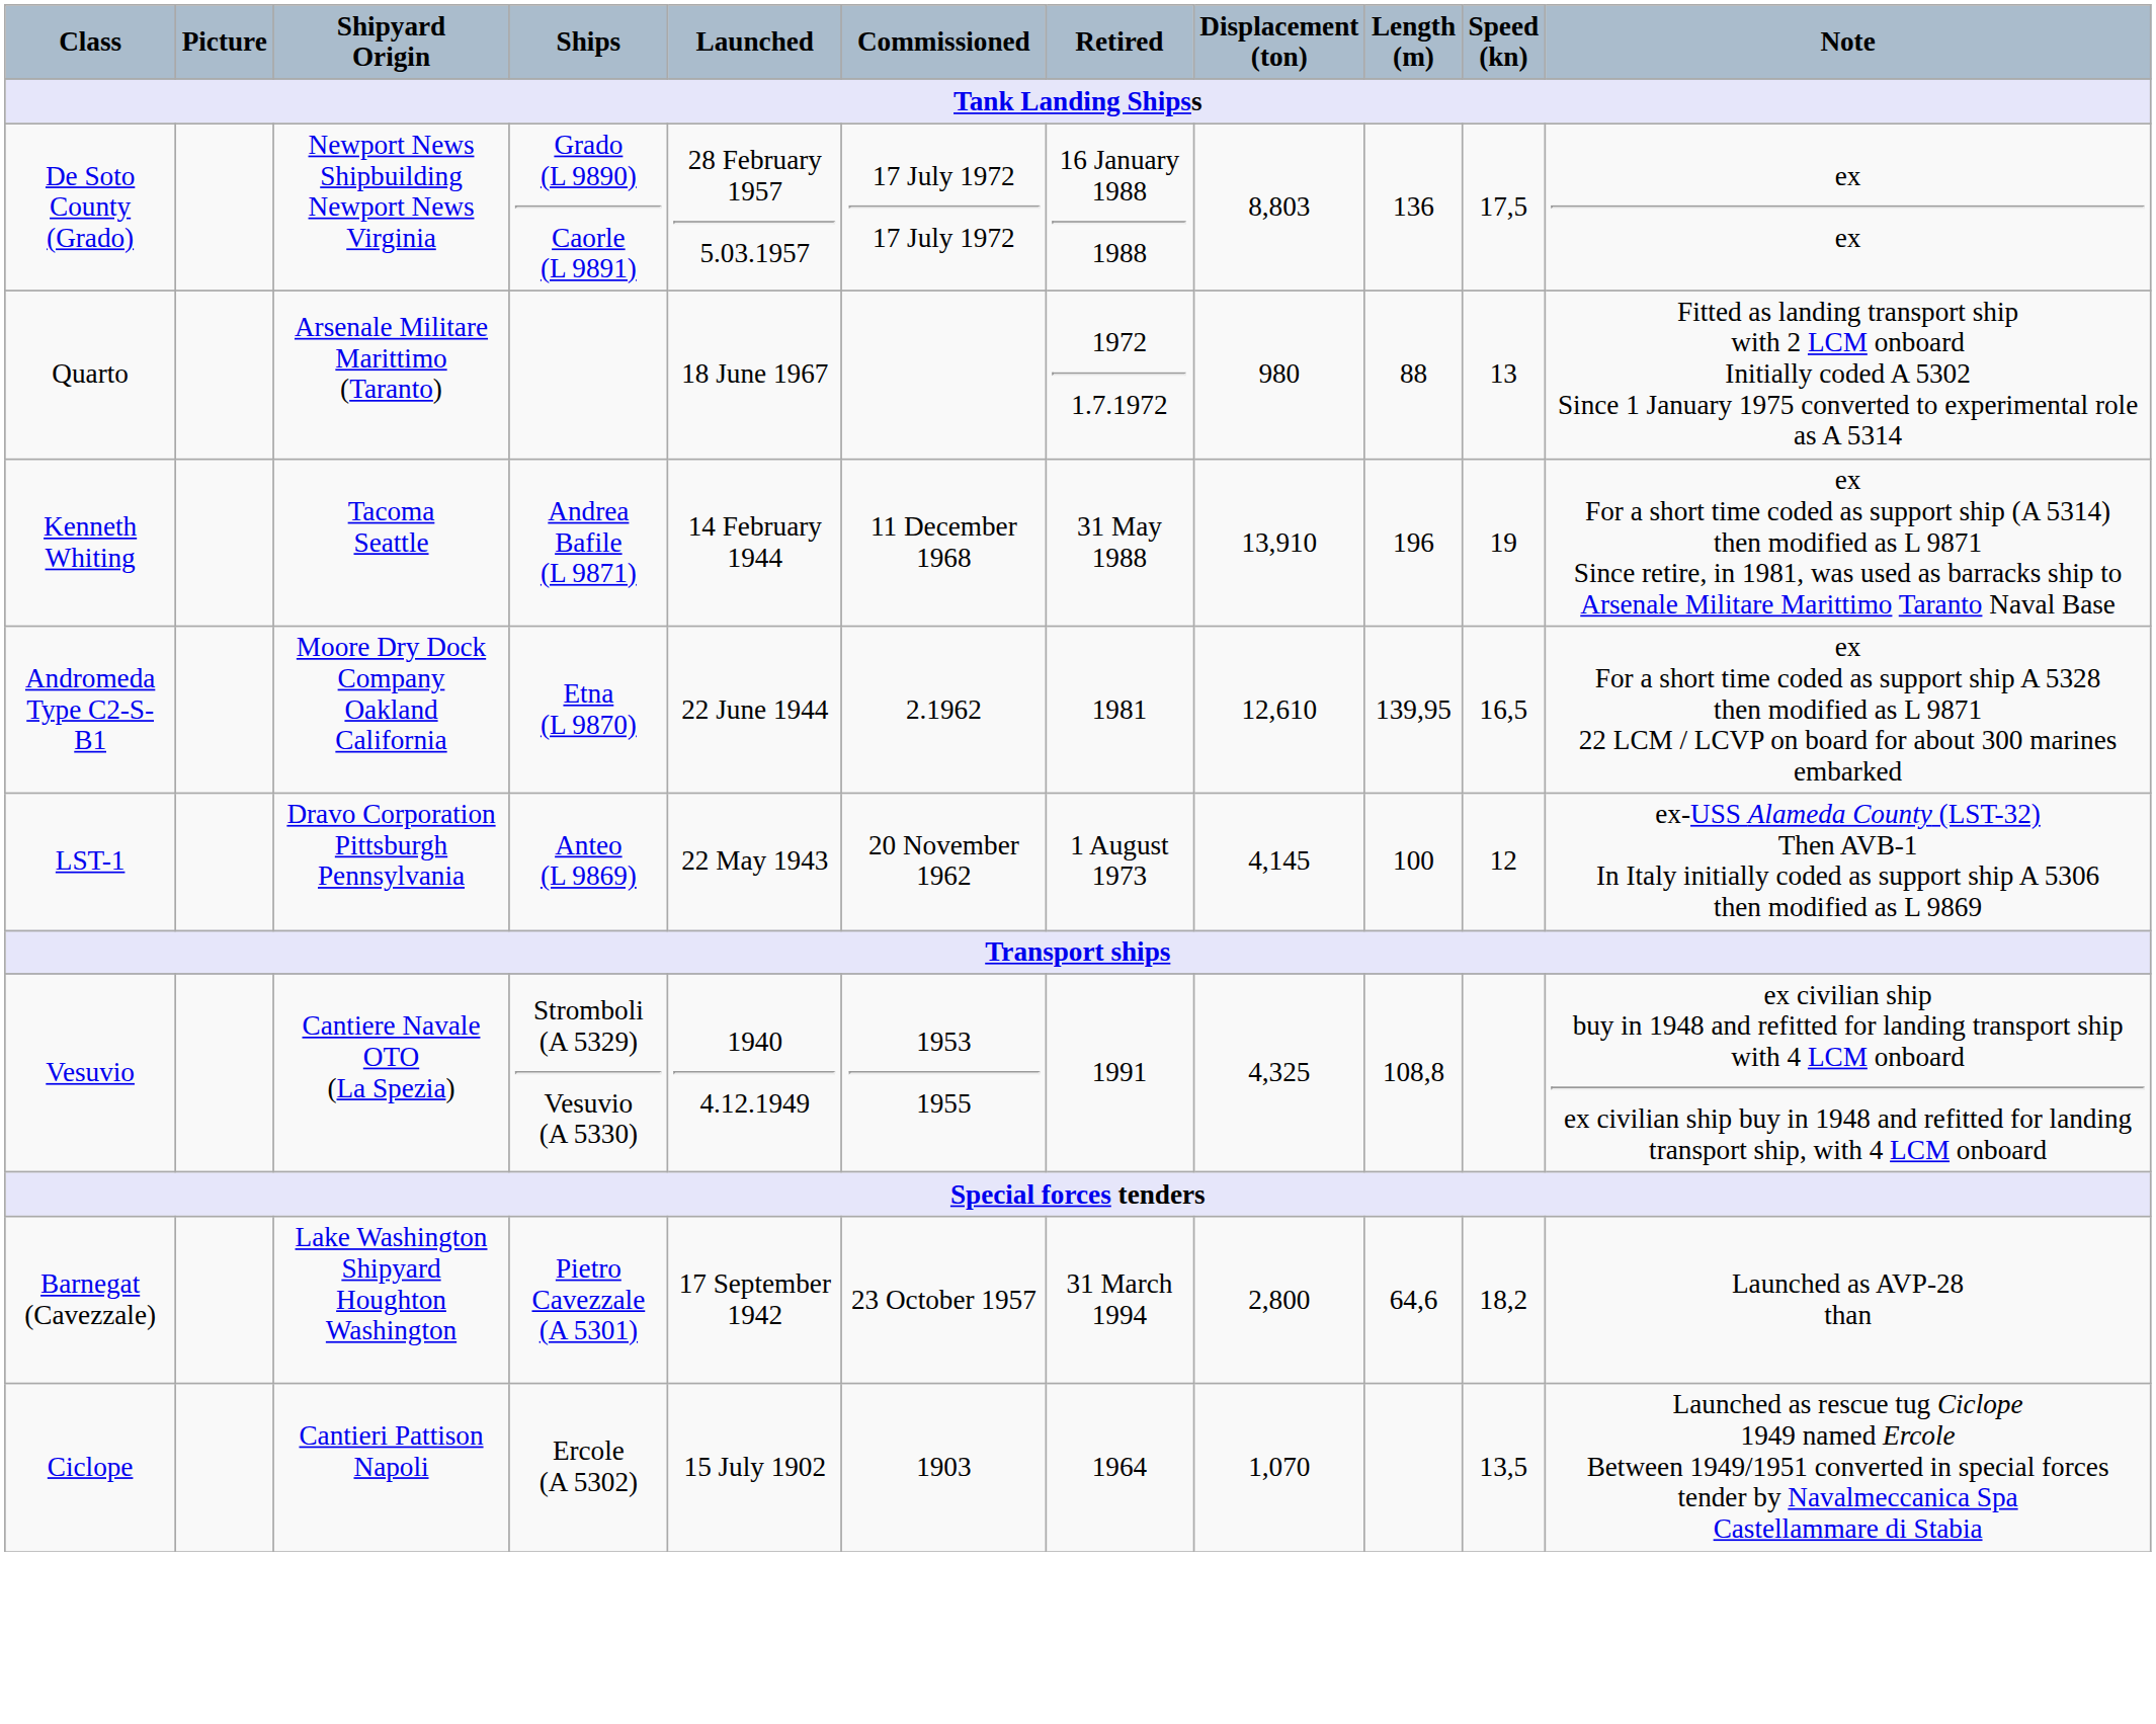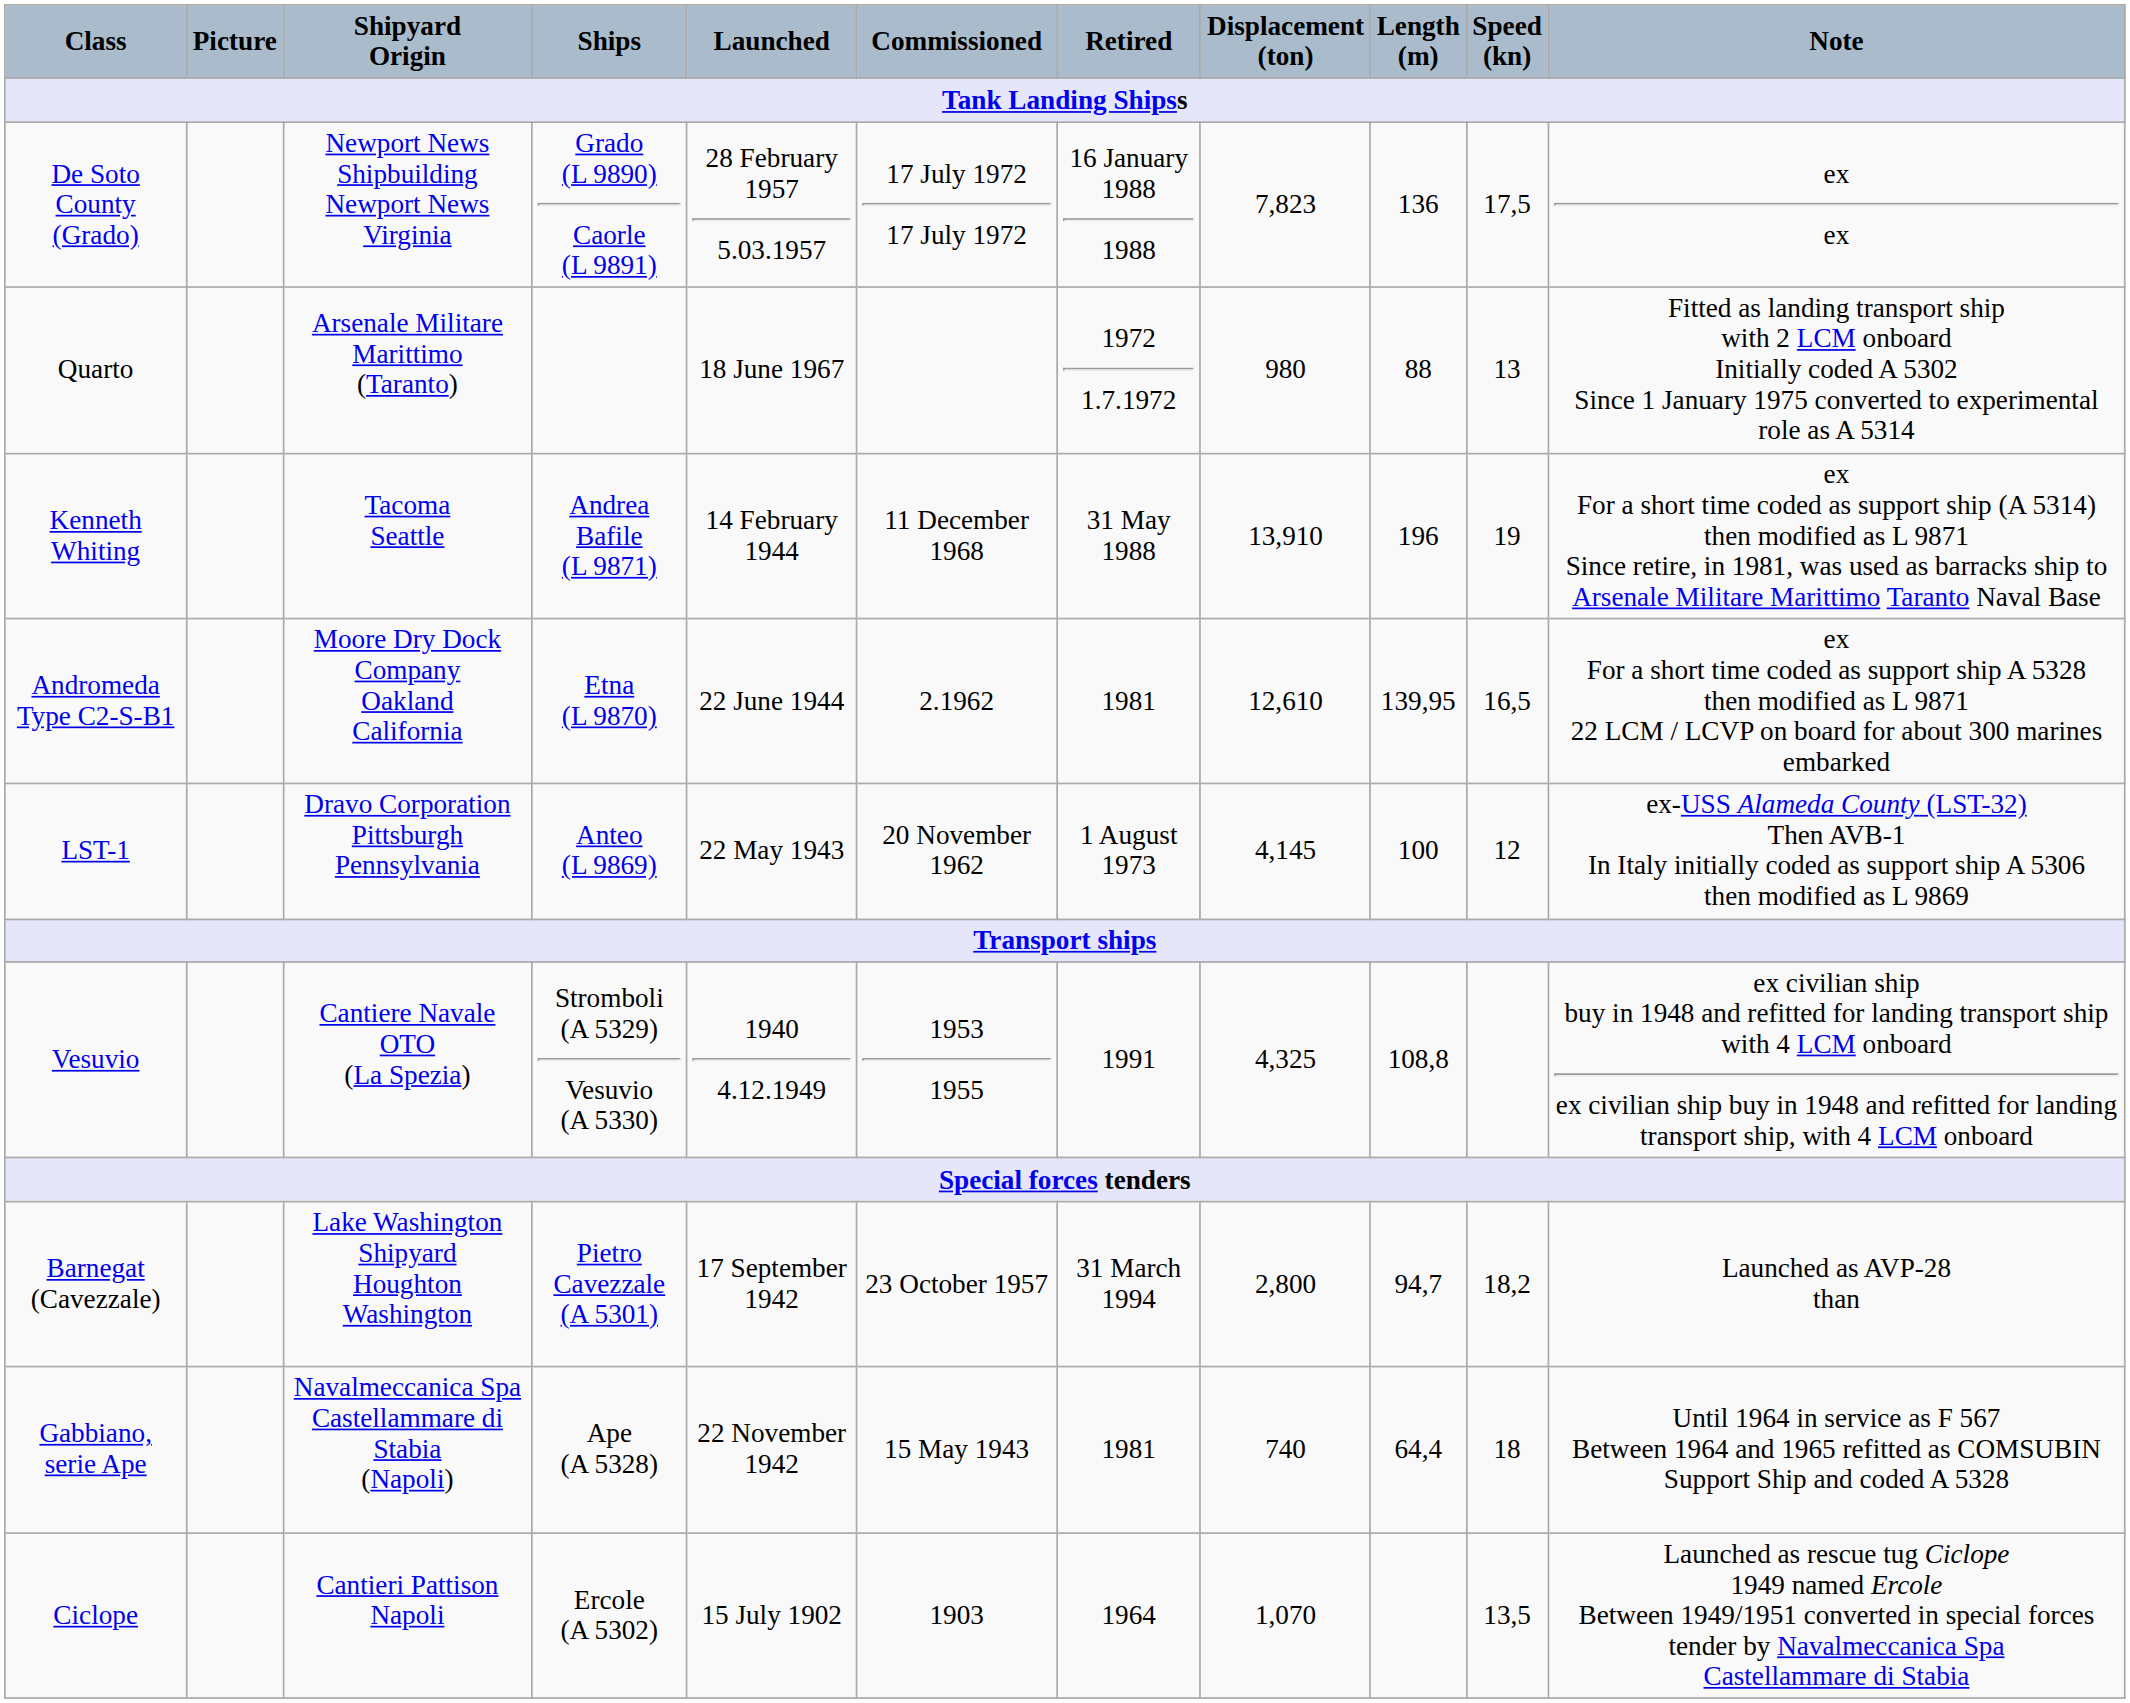 <table class="wikitable" style="text-align:center;">
 <tr>
 <th style="text-align: central; background: #aabccc;">Class</th>
 <th style="text-align: central; background: #aabccc;">Picture</th>
 <th style="text-align: central; background: #aabccc;">Shipyard<br>Origin</th>
 <th style="text-align: central; background: #aabccc;">Ships</th>
 <th style="text-align: central; background: #aabccc;">Launched</th>
 <th style="text-align: central; background: #aabccc;">Commissioned</th>
 <th style="text-align: central; background: #aabccc;">Retired</th>
 <th style="text-align: central; background: #aabccc;">Displacement<br>(ton)</th>
 <th style="text-align: central; background: #aabccc;">Length<br>(m)</th>
 <th style="text-align: central; background: #aabccc;">Speed<br>(kn)</th>
 <th style="text-align: central; background: #aabccc;">Note</th>
 </tr>
 <tr>
 <th style="align: center; background: lavender;" colspan="11"><strong><a href='#'>Tank Landing Ships</a>s</strong></th>
 </tr>
 <tr>
 <td><a href='#'>De Soto County<br>(Grado)</a></td>
 <td></td>
 <td><a href='#'>Newport News Shipbuilding</a><br><a href='#'>Newport News</a><br><a href='#'>Virginia</a><br><br></td>
 <td><a href='#'>Grado<br>(L 9890)</a><br><hr><a href='#'>Caorle<br>(L 9891)</a><br></td>
 <td>28 February 1957<hr>5.03.1957</td>
 <td>17 July 1972<hr>17 July 1972</td>
 <td>16 January 1988<hr>1988</td>
-<td>8,803</td>
+<td>7,823</td>
 <td>136</td>
 <td>17,5</td>
 <td>ex <hr>ex </td>
 </tr>
 <tr>
 <td>Quarto</td>
 <td></td>
 <td><a href='#'>Arsenale Militare Marittimo</a><br>(<a href='#'>Taranto</a>)<br><br></td>
 <td><br> </td>
 <td>18 June 1967</td>
 <td></td>
 <td>1972<hr>1.7.1972</td>
 <td>980</td>
 <td>88</td>
 <td>13</td>
 <td>Fitted as landing transport ship<br>with 2 <a href='#'>LCM</a> onboard<br>Initially coded A 5302<br>Since 1 January 1975 converted to experimental role as A 5314</td>
 </tr>
 <tr>
 <td><a href='#'>Kenneth Whiting</a></td>
 <td></td>
 <td><a href='#'>Tacoma</a><br><a href='#'>Seattle</a><br><br></td>
 <td><a href='#'>Andrea Bafile<br>(L 9871)</a><br> </td>
 <td>14 February 1944</td>
 <td>11 December 1968</td>
 <td>31 May 1988</td>
 <td>13,910</td>
 <td>196</td>
 <td>19</td>
 <td>ex <br>For a short time coded as support ship (A 5314)<br>then modified as L 9871<br>Since retire, in 1981, was used as barracks ship to <a href='#'>Arsenale Militare Marittimo</a> <a href='#'>Taranto</a> Naval Base</td>
 </tr>
 <tr>
 <td><a href='#'>Andromeda</a><br><a href='#'>Type C2-S-B1</a></td>
 <td></td>
 <td><a href='#'>Moore Dry Dock Company</a><br><a href='#'>Oakland</a><br><a href='#'>California</a><br><br></td>
 <td><a href='#'>Etna<br>(L 9870)</a><br> </td>
 <td>22 June 1944</td>
 <td>2.1962</td>
 <td>1981</td>
 <td>12,610</td>
 <td>139,95</td>
 <td>16,5</td>
 <td>ex <br>For a short time coded as support ship A 5328<br>then modified as L 9871<br>22 LCM / LCVP on board for about 300 marines embarked</td>
 </tr>
 <tr>
 <td><a href='#'>LST-1</a></td>
 <td></td>
 <td><a href='#'>Dravo Corporation</a><br><a href='#'>Pittsburgh</a><br><a href='#'>Pennsylvania</a><br><br></td>
 <td><a href='#'>Anteo<br>(L 9869)</a><br> </td>
 <td>22 May 1943</td>
 <td>20 November 1962</td>
 <td>1 August 1973</td>
 <td>4,145</td>
 <td>100</td>
 <td>12</td>
 <td>ex-<a href='#'>USS <em>Alameda County</em> (LST-32)</a><br>Then AVB-1<br>In Italy initially coded as support ship A 5306<br>then modified as L 9869</td>
 </tr>
 <tr>
 <th style="align: center; background: lavender;" colspan="11"><strong><a href='#'>Transport ships</a></strong></th>
 </tr>
 <tr>
 <td><a href='#'>Vesuvio</a></td>
 <td></td>
 <td><a href='#'>Cantiere Navale OTO</a><br>(<a href='#'>La Spezia</a>)<br><br></td>
 <td>Stromboli<br>(A 5329)<br> <hr>Vesuvio<br>(A 5330)<br> </td>
 <td>1940<hr>4.12.1949</td>
 <td>1953<hr>1955</td>
 <td>1991</td>
 <td>4,325</td>
 <td>108,8</td>
 <td></td>
 <td>ex civilian ship<br>buy in 1948 and refitted for landing transport ship<br>with 4 <a href='#'>LCM</a> onboard<hr>ex  civilian ship buy in 1948 and refitted for landing transport ship, with 4 <a href='#'>LCM</a> onboard</td>
 </tr>
 <tr>
 <th style="align: center; background: lavender;" colspan="11"><strong><a href='#'>Special forces</a> tenders</strong></th>
 </tr>
 <tr>
 <td><a href='#'>Barnegat</a><br>(Cavezzale)</td>
 <td></td>
 <td><a href='#'>Lake Washington Shipyard</a><br><a href='#'>Houghton</a><br><a href='#'>Washington</a><br><br></td>
 <td><a href='#'>Pietro Cavezzale<br>(A 5301)</a><br> </td>
 <td>17 September 1942</td>
 <td>23 October 1957</td>
 <td>31 March 1994</td>
 <td>2,800</td>
-<td>64,6</td>
+<td>94,7</td>
 <td>18,2</td>
 <td>Launched as AVP-28<br>than </td>
+</tr>
+<tr>
+<td><a href='#'>Gabbiano, serie Ape</a></td>
+<td></td>
+<td><a href='#'>Navalmeccanica Spa</a><br><a href='#'>Castellammare di Stabia</a><br>(<a href='#'>Napoli</a>)<br><br></td>
+<td>Ape<br>(A 5328)<br> </td>
+<td>22 November 1942</td>
+<td>15 May 1943</td>
+<td>1981</td>
+<td>740</td>
+<td>64,4</td>
+<td>18</td>
+<td>Until 1964 in service as F 567<br>Between 1964 and 1965 refitted as COMSUBIN Support Ship and coded A 5328</td>
 </tr>
 <tr>
 <td><a href='#'>Ciclope</a></td>
 <td></td>
 <td><a href='#'>Cantieri Pattison</a><br><a href='#'>Napoli</a><br><br></td>
 <td>Ercole<br>(A 5302)<br> </td>
 <td>15 July 1902</td>
 <td>1903</td>
 <td>1964</td>
 <td>1,070</td>
 <td></td>
 <td>13,5</td>
 <td>Launched as rescue tug <em>Ciclope</em><br>1949 named <em>Ercole</em><br>Between 1949/1951 converted in special forces tender by <a href='#'>Navalmeccanica Spa</a><br><a href='#'>Castellammare di Stabia</a></td>
 </tr>
 </table>
